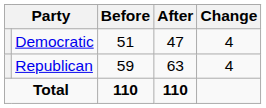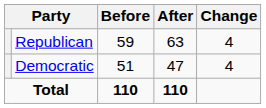 <table class="wikitable" style="text-align:center;">
 <tr>
 </tr>
 <tr>
 <th colspan=2>Party</th>
 <th>Before</th>
 <th>After</th>
 <th>Change</th>
 </tr>
 <tr>
 <th style="background-color:"></th>
-<td style="text-align:left;"><a href='#'>Democratic</a></td>
-<td>51</td>
-<td>47</td>
+<td style="text-align:left;"><a href='#'>Republican</a></td>
+<td>59</td>
+<td>63</td>
 <td> 4</td>
 </tr>
 <tr>
 <th style="background-color:"></th>
-<td style="text-align:left;"><a href='#'>Republican</a></td>
-<td>59</td>
-<td>63</td>
+<td style="text-align:left;"><a href='#'>Democratic</a></td>
+<td>51</td>
+<td>47</td>
 <td> 4</td>
 </tr>
 <tr>
 <td colspan=2><strong>Total</strong></td>
 <td><strong>110</strong></td>
 <td><strong>110</strong></td>
 <td></td>
 </tr>
 </table>
